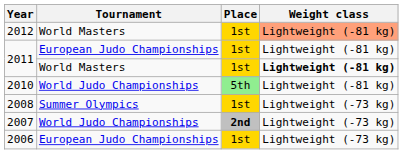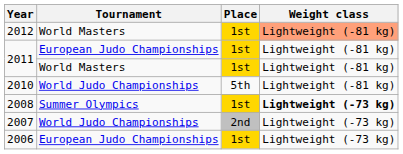 <table class=wikitable>
 <tr style="background:#ccc;">
 <th>Year</th>
 <th>Tournament</th>
 <th>Place</th>
 <th>Weight class</th>
 </tr>
 <tr>
 <td>2012</td>
 <td>World Masters</td>
 <td style="background:gold; text-align:center;">1st</td>
 <td style="background: lightsalmon;">Lightweight (-81 kg)</td>
 </tr>
 <tr>
 <td rowspan=2>2011</td>
 <td><a href='#'>European Judo Championships</a></td>
 <td style="background:gold; text-align:center;">1st</td>
 <td>Lightweight (-81 kg)</td>
 </tr>
 <tr>
 <td>World Masters</td>
 <td style="background:gold; text-align:center;">1st</td>
-<td><strong>Lightweight (-81 kg)</strong></td>
+<td>Lightweight (-81 kg)</td>
 </tr>
 <tr>
 <td>2010</td>
 <td><a href='#'>World Judo Championships</a></td>
-<td style="background: lightgreen; text-align:center;">5th</td>
+<td style="text-align:center;">5th</td>
 <td>Lightweight (-81 kg)</td>
 </tr>
 <tr>
 <td>2008</td>
 <td><a href='#'>Summer Olympics</a></td>
 <td style="background:gold; text-align:center;">1st</td>
-<td>Lightweight (-73 kg)</td>
+<td><strong>Lightweight (-73 kg)</strong></td>
 </tr>
 <tr>
 <td>2007</td>
 <td><a href='#'>World Judo Championships</a></td>
-<td style="background:silver; text-align:center;"><strong>2nd</strong></td>
+<td style="background:silver; text-align:center;">2nd</td>
 <td>Lightweight (-73 kg)</td>
 </tr>
 <tr>
 <td>2006</td>
 <td><a href='#'>European Judo Championships</a></td>
 <td style="background:gold; text-align:center;">1st</td>
 <td>Lightweight (-73 kg)</td>
 </tr>
 </table>
